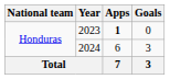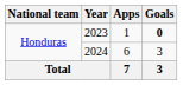 <table class="wikitable" style="text-align:center">
 <tr>
 <th>National team</th>
 <th>Year</th>
 <th>Apps</th>
 <th>Goals</th>
 </tr>
 <tr>
 <td rowspan="2"><a href='#'>Honduras</a></td>
 <td>2023</td>
-<td><strong>1</strong></td>
-<td>0</td>
+<td>1</td>
+<td><strong>0</strong></td>
 </tr>
 <tr>
 <td>2024</td>
 <td>6</td>
 <td>3</td>
 </tr>
 <tr>
 <th colspan="2">Total</th>
 <th>7</th>
 <th>3</th>
 </tr>
 </table>
